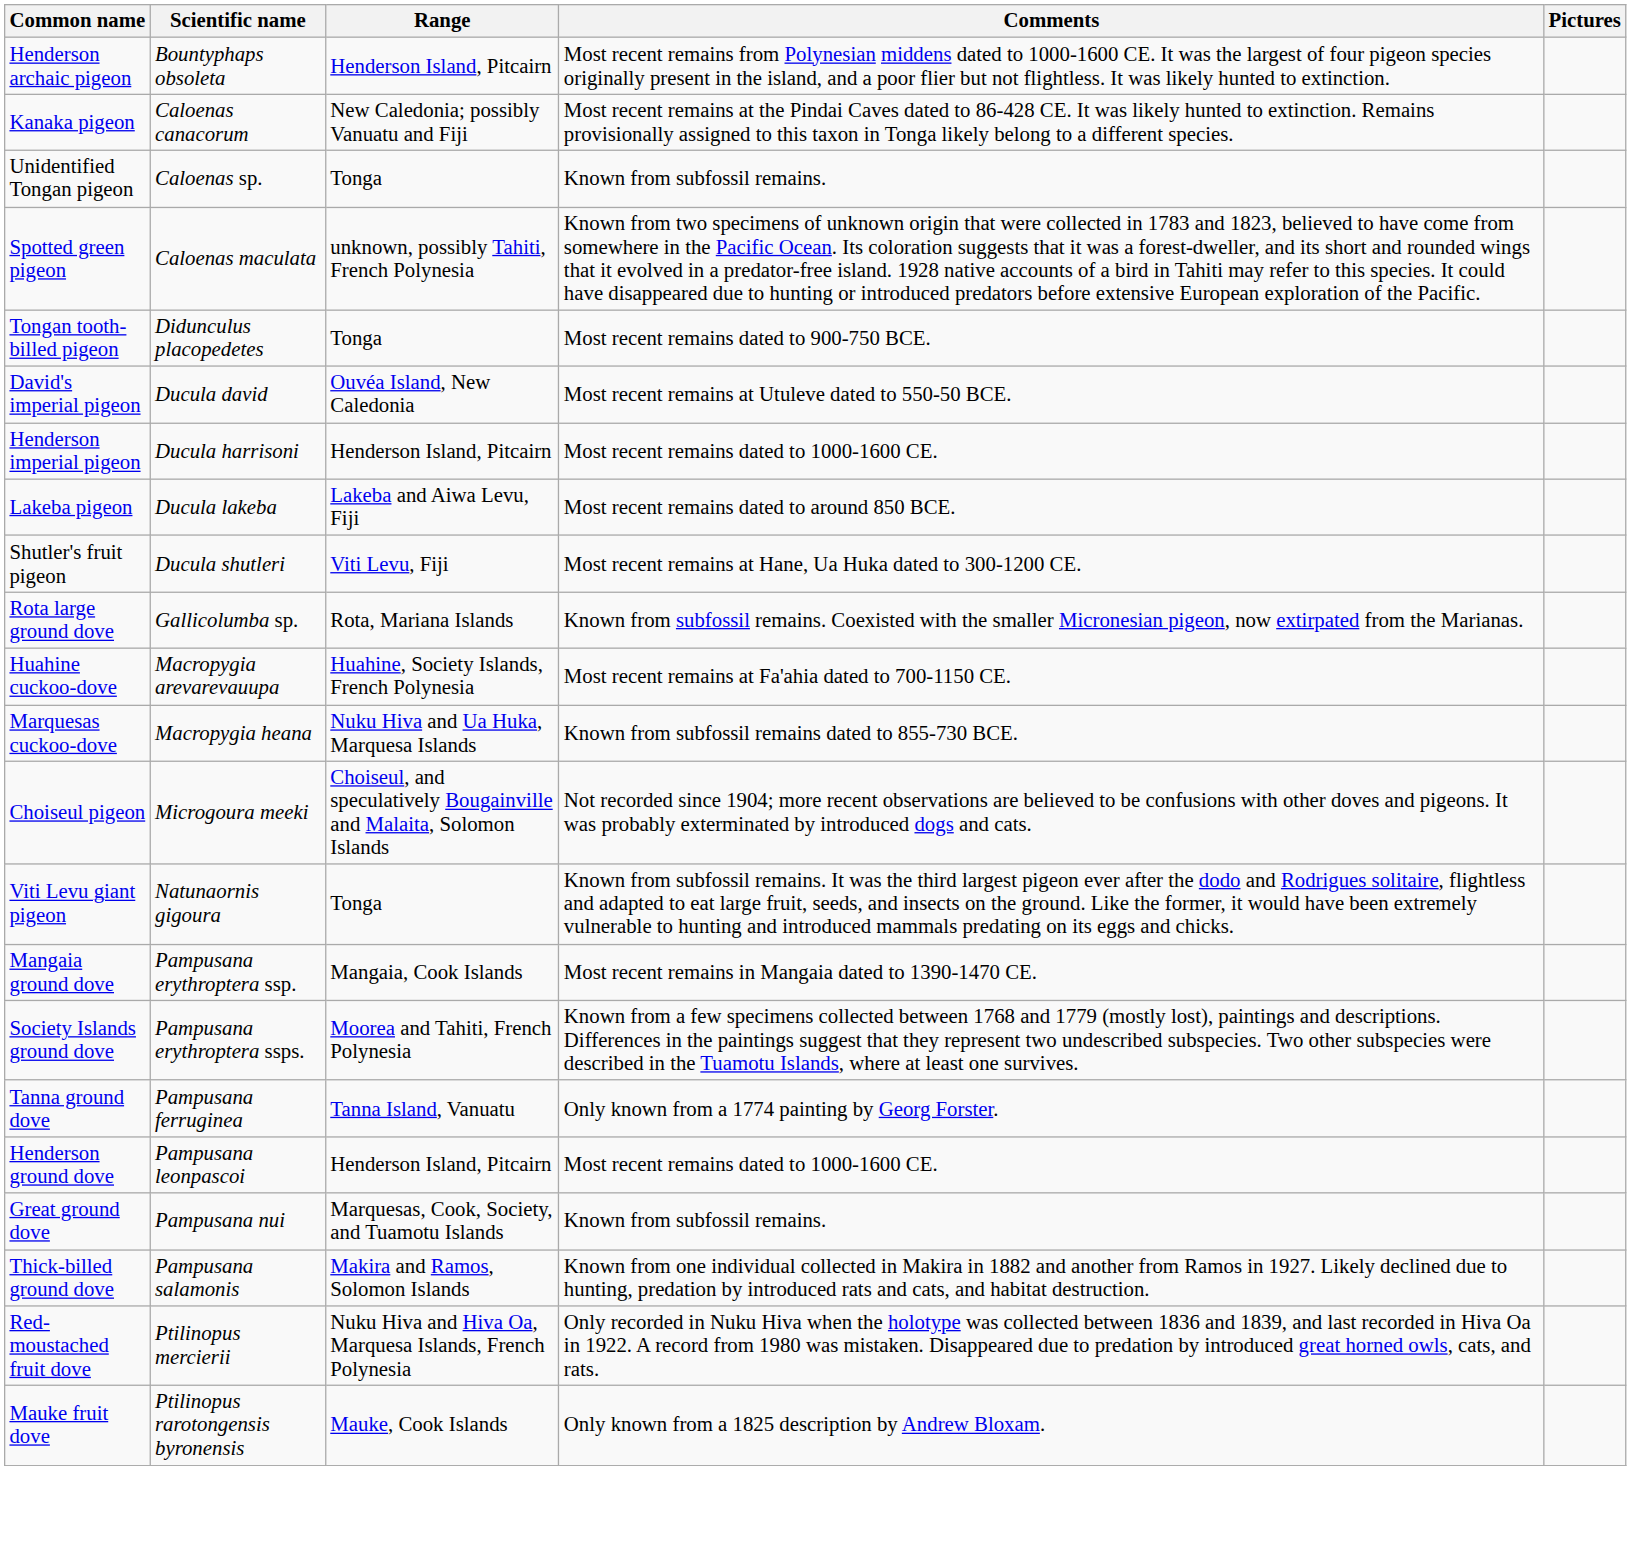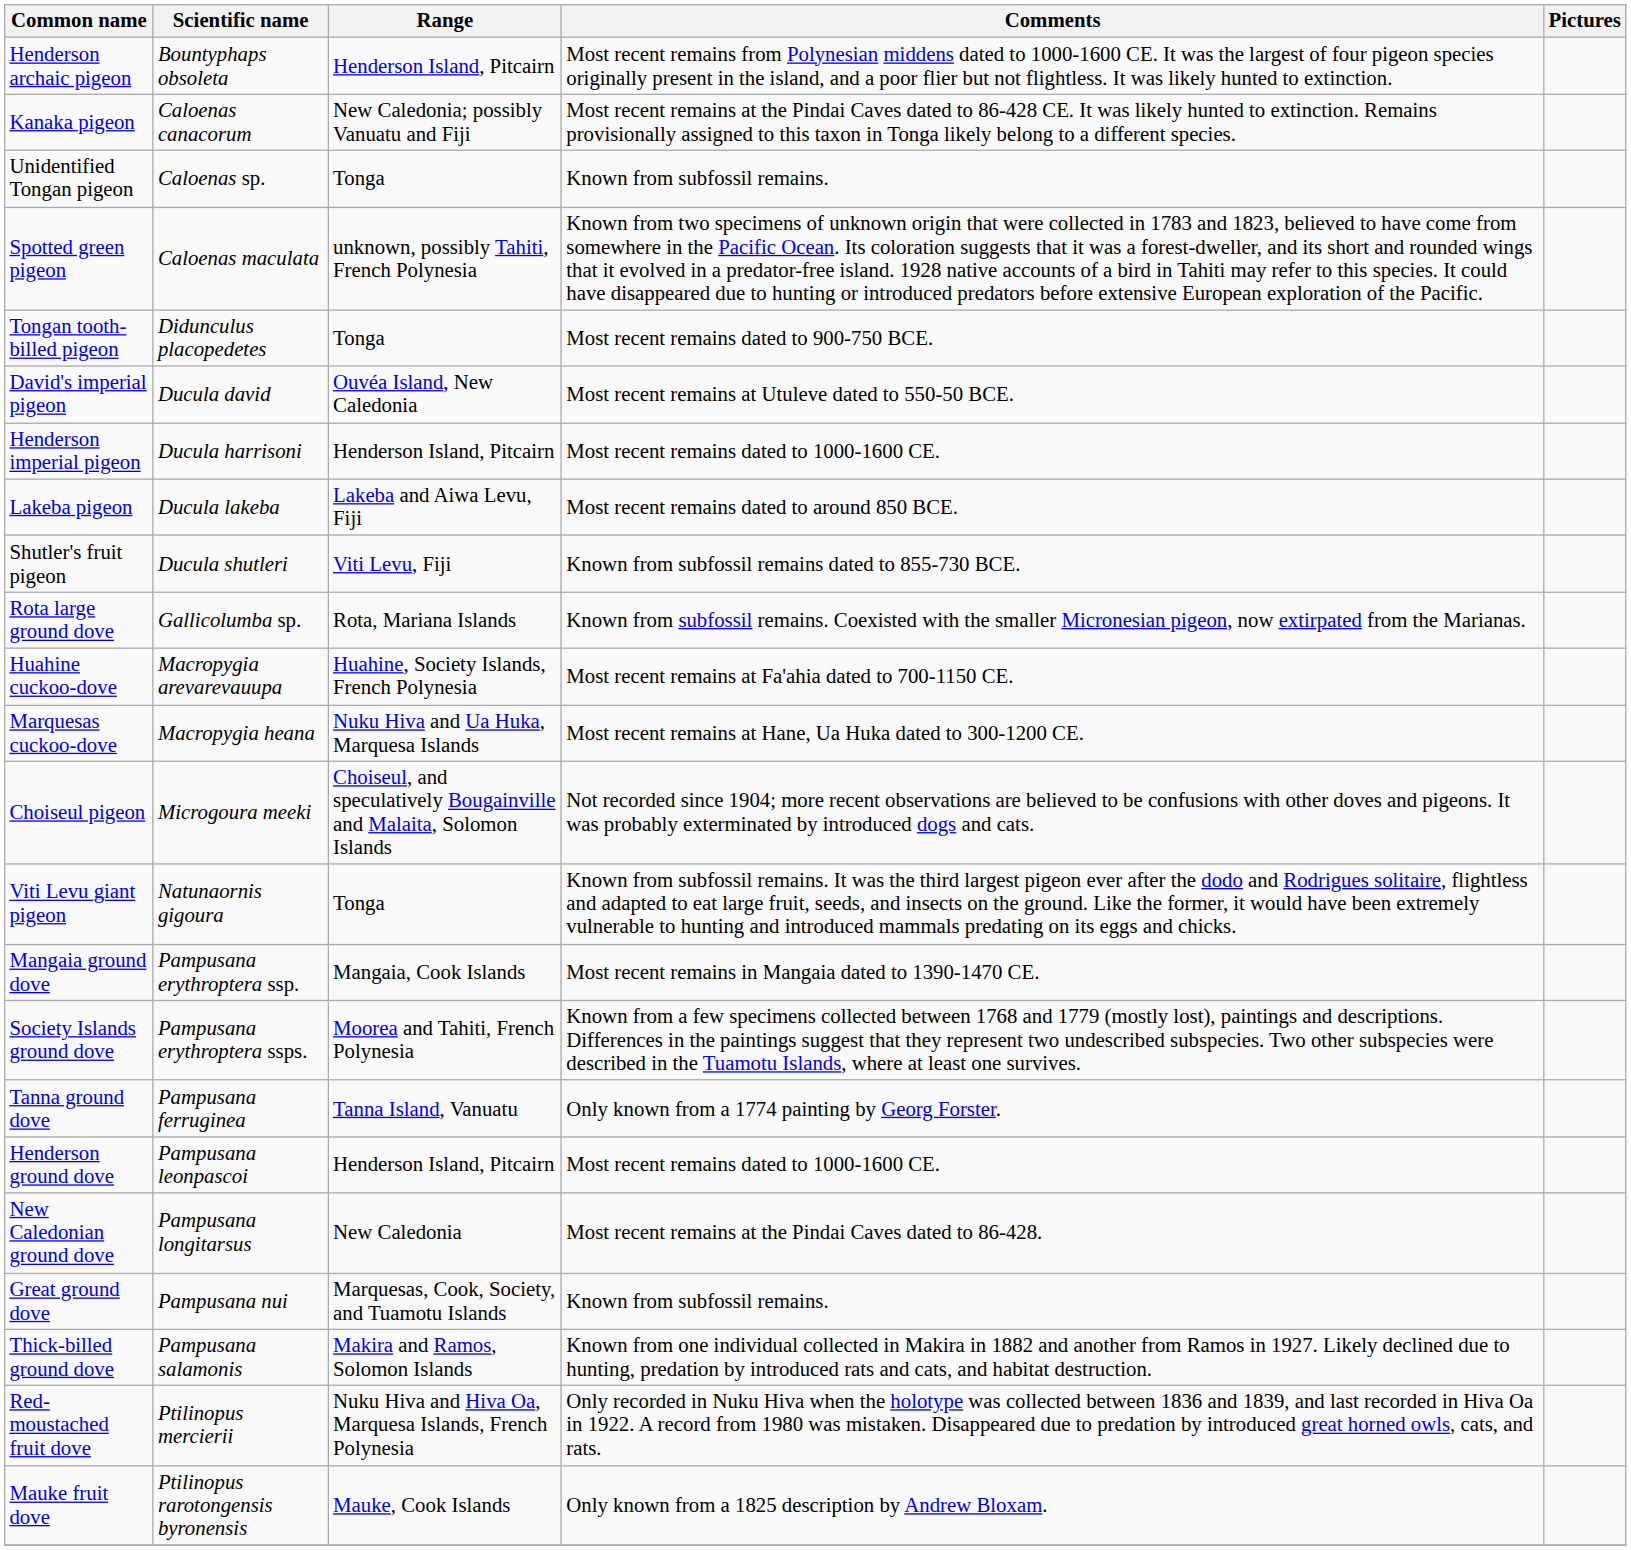 <table class="wikitable">
 <tr>
 <th>Common name</th>
 <th>Scientific name</th>
 <th>Range</th>
 <th class="unsortable">Comments</th>
 <th class="unsortable">Pictures</th>
 </tr>
 <tr>
 <td><a href='#'>Henderson archaic pigeon</a></td>
 <td><em>Bountyphaps obsoleta</em></td>
 <td><a href='#'>Henderson Island</a>, Pitcairn</td>
 <td>Most recent remains from <a href='#'>Polynesian</a> <a href='#'>middens</a> dated to 1000-1600 CE. It was the largest of four pigeon species originally present in the island, and a poor flier but not flightless. It was likely hunted to extinction.</td>
 <td></td>
 </tr>
 <tr>
 <td><a href='#'>Kanaka pigeon</a></td>
 <td><em>Caloenas canacorum</em></td>
 <td>New Caledonia; possibly Vanuatu and Fiji</td>
 <td>Most recent remains at the Pindai Caves dated to 86-428 CE. It was likely hunted to extinction. Remains provisionally assigned to this taxon in Tonga likely belong to a different species.</td>
 <td></td>
 </tr>
 <tr>
 <td>Unidentified Tongan pigeon</td>
 <td><em>Caloenas</em> sp.</td>
 <td>Tonga</td>
 <td>Known from subfossil remains.</td>
 </tr>
 <tr>
 <td><a href='#'>Spotted green pigeon</a></td>
 <td><em>Caloenas maculata</em></td>
 <td>unknown, possibly <a href='#'>Tahiti</a>, French Polynesia</td>
 <td>Known from two specimens of unknown origin that were collected in 1783 and 1823, believed to have come from somewhere in the <a href='#'>Pacific Ocean</a>. Its coloration suggests that it was a forest-dweller, and its short and rounded wings that it evolved in a predator-free island. 1928 native accounts of a bird in Tahiti may refer to this species. It could have disappeared due to hunting or introduced predators before extensive European exploration of the Pacific.</td>
 <td></td>
 </tr>
 <tr>
 <td><a href='#'>Tongan tooth-billed pigeon</a></td>
 <td><em>Didunculus placopedetes</em></td>
 <td>Tonga</td>
 <td>Most recent remains dated to 900-750 BCE.</td>
 <td></td>
 </tr>
 <tr>
 <td><a href='#'>David's imperial pigeon</a></td>
 <td><em>Ducula david</em></td>
 <td><a href='#'>Ouvéa Island</a>, New Caledonia</td>
 <td>Most recent remains at Utuleve dated to 550-50 BCE.</td>
 <td></td>
 </tr>
 <tr>
 <td><a href='#'>Henderson imperial pigeon</a></td>
 <td><em>Ducula harrisoni</em></td>
 <td>Henderson Island, Pitcairn</td>
 <td>Most recent remains dated to 1000-1600 CE.</td>
 <td></td>
 </tr>
 <tr>
 <td><a href='#'>Lakeba pigeon</a></td>
 <td><em>Ducula lakeba</em></td>
 <td><a href='#'>Lakeba</a> and Aiwa Levu, Fiji</td>
 <td>Most recent remains dated to around 850 BCE.</td>
 <td></td>
 </tr>
 <tr>
 <td>Shutler's fruit pigeon</td>
 <td><em>Ducula shutleri</em></td>
 <td><a href='#'>Viti Levu</a>, Fiji</td>
-<td>Most recent remains at Hane, Ua Huka dated to 300-1200 CE.</td>
+<td>Known from subfossil remains dated to 855-730 BCE.</td>
 <td></td>
 </tr>
 <tr>
 <td><a href='#'>Rota large ground dove</a></td>
 <td><em>Gallicolumba</em> sp.</td>
 <td>Rota, Mariana Islands</td>
 <td>Known from <a href='#'>subfossil</a> remains. Coexisted with the smaller <a href='#'>Micronesian pigeon</a>, now <a href='#'>extirpated</a> from the Marianas.</td>
 </tr>
 <tr>
 <td><a href='#'>Huahine cuckoo-dove</a></td>
 <td><em>Macropygia arevarevauupa</em></td>
 <td><a href='#'>Huahine</a>, Society Islands, French Polynesia</td>
 <td>Most recent remains at Fa'ahia dated to 700-1150 CE.</td>
 <td></td>
 </tr>
 <tr>
 <td><a href='#'>Marquesas cuckoo-dove</a></td>
 <td><em>Macropygia heana</em></td>
 <td><a href='#'>Nuku Hiva</a> and <a href='#'>Ua Huka</a>, Marquesa Islands</td>
-<td>Known from subfossil remains dated to 855-730 BCE.</td>
+<td>Most recent remains at Hane, Ua Huka dated to 300-1200 CE.</td>
 <td></td>
 </tr>
 <tr>
 <td><a href='#'>Choiseul pigeon</a></td>
 <td><em>Microgoura meeki</em></td>
 <td><a href='#'>Choiseul</a>, and speculatively <a href='#'>Bougainville</a> and <a href='#'>Malaita</a>, Solomon Islands</td>
 <td>Not recorded since 1904; more recent observations are believed to be confusions with other doves and pigeons. It was probably exterminated by introduced <a href='#'>dogs</a> and cats.</td>
 <td></td>
 </tr>
 <tr>
 <td><a href='#'>Viti Levu giant pigeon</a></td>
 <td><em>Natunaornis gigoura</em></td>
 <td>Tonga</td>
 <td>Known from subfossil remains. It was the third largest pigeon ever after the <a href='#'>dodo</a> and <a href='#'>Rodrigues solitaire</a>, flightless and adapted to eat large fruit, seeds, and insects on the ground. Like the former, it would have been extremely vulnerable to hunting and introduced mammals predating on its eggs and chicks.</td>
 <td></td>
 </tr>
 <tr>
 <td><a href='#'>Mangaia ground dove</a></td>
 <td><em>Pampusana erythroptera</em> ssp.</td>
 <td>Mangaia, Cook Islands</td>
 <td>Most recent remains in Mangaia dated to 1390-1470 CE.</td>
 <td></td>
 </tr>
 <tr>
 <td><a href='#'>Society Islands ground dove</a></td>
 <td><em>Pampusana erythroptera</em> ssps.</td>
 <td><a href='#'>Moorea</a> and Tahiti, French Polynesia</td>
 <td>Known from a few specimens collected between 1768 and 1779 (mostly lost), paintings and descriptions. Differences in the paintings suggest that they represent two undescribed subspecies. Two other subspecies were described in the <a href='#'>Tuamotu Islands</a>, where at least one survives.</td>
 <td></td>
 </tr>
 <tr>
 <td><a href='#'>Tanna ground dove</a></td>
 <td><em>Pampusana ferruginea</em></td>
 <td><a href='#'>Tanna Island</a>, Vanuatu</td>
 <td>Only known from a 1774 painting by <a href='#'>Georg Forster</a>.</td>
 <td></td>
 </tr>
 <tr>
 <td><a href='#'>Henderson ground dove</a></td>
 <td><em>Pampusana leonpascoi</em></td>
 <td>Henderson Island, Pitcairn</td>
 <td>Most recent remains dated to 1000-1600 CE.</td>
 <td></td>
 </tr>
 <tr>
+<td><a href='#'>New Caledonian ground dove</a></td>
+<td><em>Pampusana longitarsus</em></td>
+<td>New Caledonia</td>
+<td>Most recent remains at the Pindai Caves dated to 86-428.</td>
+<td></td>
+</tr>
+<tr>
 <td><a href='#'>Great ground dove</a></td>
 <td><em>Pampusana nui</em></td>
 <td>Marquesas, Cook, Society, and Tuamotu Islands</td>
 <td>Known from subfossil remains.</td>
 <td></td>
 </tr>
 <tr>
 <td><a href='#'>Thick-billed ground dove</a></td>
 <td><em>Pampusana salamonis</em></td>
 <td><a href='#'>Makira</a> and <a href='#'>Ramos</a>, Solomon Islands</td>
 <td>Known from one individual collected in Makira in 1882 and another from Ramos in 1927. Likely declined due to hunting, predation by introduced rats and cats, and habitat destruction.</td>
 <td></td>
 </tr>
 <tr>
 <td><a href='#'>Red-moustached fruit dove</a></td>
 <td><em>Ptilinopus mercierii</em></td>
 <td>Nuku Hiva and <a href='#'>Hiva Oa</a>, Marquesa Islands, French Polynesia</td>
 <td>Only recorded in Nuku Hiva when the <a href='#'>holotype</a> was collected between 1836 and 1839, and last recorded in Hiva Oa in 1922. A record from 1980 was mistaken. Disappeared due to predation by introduced <a href='#'>great horned owls</a>, cats, and rats.</td>
 <td></td>
 </tr>
 <tr>
 <td><a href='#'>Mauke fruit dove</a></td>
 <td><em>Ptilinopus rarotongensis byronensis</em></td>
 <td><a href='#'>Mauke</a>, Cook Islands</td>
 <td>Only known from a 1825 description by <a href='#'>Andrew Bloxam</a>.</td>
 <td></td>
 </tr>
 <tr>
 </tr>
 </table>
